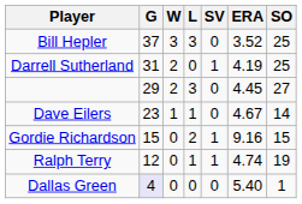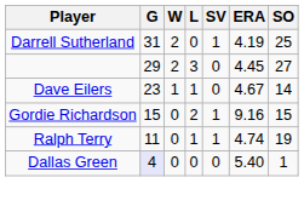 <table class="wikitable sortable">
 <tr>
 <th>Player</th>
 <th>G</th>
 <th>W</th>
 <th>L</th>
 <th>SV</th>
 <th>ERA</th>
 <th>SO</th>
-</tr>
-<tr align="center">
-<td><a href='#'>Bill Hepler</a></td>
-<td>37</td>
-<td>3</td>
-<td>3</td>
-<td>0</td>
-<td>3.52</td>
-<td>25</td>
 </tr>
 <tr align="center">
 <td><a href='#'>Darrell Sutherland</a></td>
 <td>31</td>
 <td>2</td>
 <td>0</td>
 <td>1</td>
 <td>4.19</td>
 <td>25</td>
 </tr>
 <tr align="center">
 <td></td>
 <td>29</td>
 <td>2</td>
 <td>3</td>
 <td>0</td>
 <td>4.45</td>
 <td>27</td>
 </tr>
 <tr align="center">
 <td><a href='#'>Dave Eilers</a></td>
 <td>23</td>
 <td>1</td>
 <td>1</td>
 <td>0</td>
 <td>4.67</td>
 <td>14</td>
 </tr>
 <tr align="center">
 <td><a href='#'>Gordie Richardson</a></td>
 <td>15</td>
 <td>0</td>
 <td>2</td>
 <td>1</td>
 <td>9.16</td>
 <td>15</td>
 </tr>
 <tr align="center">
 <td><a href='#'>Ralph Terry</a></td>
-<td>12</td>
+<td>11</td>
 <td>0</td>
 <td>1</td>
 <td>1</td>
 <td>4.74</td>
 <td>19</td>
 </tr>
 <tr align="center">
 <td><a href='#'>Dallas Green</a></td>
 <td style="background: lavender;">4</td>
 <td>0</td>
 <td>0</td>
 <td>0</td>
 <td>5.40</td>
 <td>1</td>
 </tr>
 </table>
